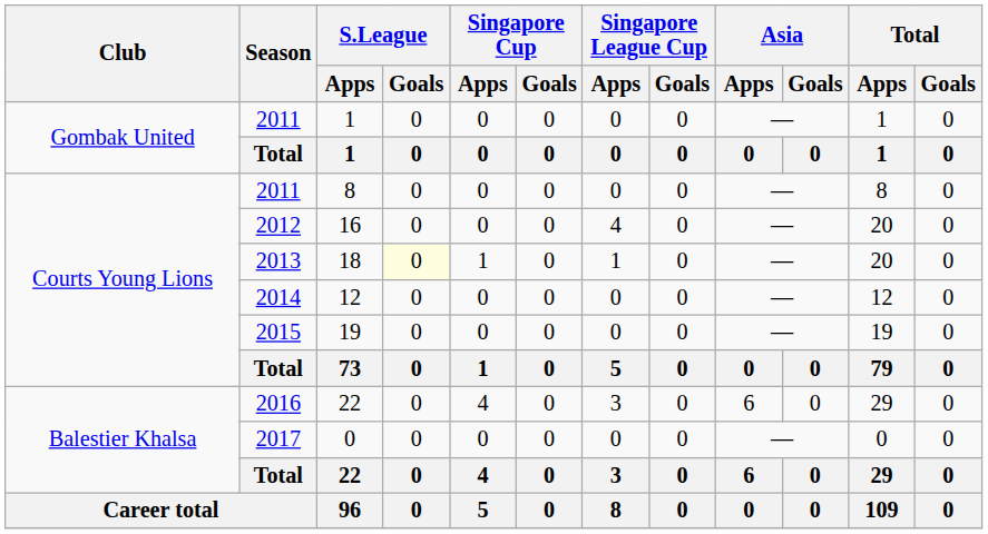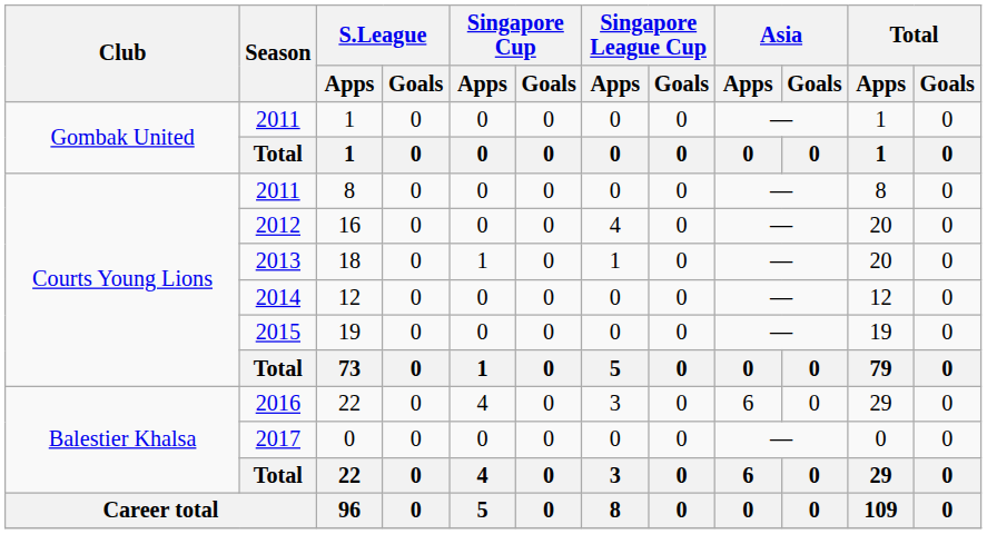 <table class="wikitable" style="text-align:center">
 <tr>
 <th rowspan=2 width=160>Club</th>
 <th rowspan=2>Season</th>
 <th colspan=2><a href='#'>S.League</a></th>
 <th colspan=2><a href='#'>Singapore Cup</a></th>
 <th colspan=2><a href='#'>Singapore<br>League Cup</a></th>
 <th colspan="2"><a href='#'>Asia</a></th>
 <th colspan=2>Total</th>
 </tr>
 <tr>
 <th width=40>Apps</th>
 <th width=40>Goals</th>
 <th width=40>Apps</th>
 <th width=40>Goals</th>
 <th width=40>Apps</th>
 <th width=40>Goals</th>
 <th width=40>Apps</th>
 <th width=40>Goals</th>
 <th width=40>Apps</th>
 <th width=40>Goals</th>
 </tr>
 <tr>
 <td rowspan=2><a href='#'>Gombak United</a></td>
 <td><a href='#'>2011</a></td>
 <td>1</td>
 <td>0</td>
 <td>0</td>
 <td>0</td>
 <td>0</td>
 <td>0</td>
 <td colspan='2'>—</td>
 <td>1</td>
 <td>0</td>
 </tr>
 <tr>
 <th>Total</th>
 <th>1</th>
 <th>0</th>
 <th>0</th>
 <th>0</th>
 <th>0</th>
 <th>0</th>
 <th>0</th>
 <th>0</th>
 <th>1</th>
 <th>0</th>
 </tr>
 <tr>
 <td rowspan=6><a href='#'>Courts Young Lions</a></td>
 <td><a href='#'>2011</a></td>
 <td>8</td>
 <td>0</td>
 <td>0</td>
 <td>0</td>
 <td>0</td>
 <td>0</td>
 <td colspan='2'>—</td>
 <td>8</td>
 <td>0</td>
 </tr>
 <tr>
 <td><a href='#'>2012</a></td>
 <td>16</td>
 <td>0</td>
 <td>0</td>
 <td>0</td>
 <td>4</td>
 <td>0</td>
 <td colspan='2'>—</td>
 <td>20</td>
 <td>0</td>
 </tr>
 <tr>
 <td><a href='#'>2013</a></td>
 <td>18</td>
-<td style="background: lightyellow;">0</td>
+<td>0</td>
 <td>1</td>
 <td>0</td>
 <td>1</td>
 <td>0</td>
 <td colspan='2'>—</td>
 <td>20</td>
 <td>0</td>
 </tr>
 <tr>
 <td><a href='#'>2014</a></td>
 <td>12</td>
 <td>0</td>
 <td>0</td>
 <td>0</td>
 <td>0</td>
 <td>0</td>
 <td colspan='2'>—</td>
 <td>12</td>
 <td>0</td>
 </tr>
 <tr>
 <td><a href='#'>2015</a></td>
 <td>19</td>
 <td>0</td>
 <td>0</td>
 <td>0</td>
 <td>0</td>
 <td>0</td>
 <td colspan='2'>—</td>
 <td>19</td>
 <td>0</td>
 </tr>
 <tr>
 <th>Total</th>
 <th>73</th>
 <th>0</th>
 <th>1</th>
 <th>0</th>
 <th>5</th>
 <th>0</th>
 <th>0</th>
 <th>0</th>
 <th>79</th>
 <th>0</th>
 </tr>
 <tr>
 <td rowspan=3><a href='#'>Balestier Khalsa</a></td>
 <td><a href='#'>2016</a></td>
 <td>22</td>
 <td>0</td>
 <td>4</td>
 <td>0</td>
 <td>3</td>
 <td>0</td>
 <td>6</td>
 <td>0</td>
 <td>29</td>
 <td>0</td>
 </tr>
 <tr>
 <td><a href='#'>2017</a></td>
 <td>0</td>
 <td>0</td>
 <td>0</td>
 <td>0</td>
 <td>0</td>
 <td>0</td>
 <td colspan='2'>—</td>
 <td>0</td>
 <td>0</td>
 </tr>
 <tr>
 <th>Total</th>
 <th>22</th>
 <th>0</th>
 <th>4</th>
 <th>0</th>
 <th>3</th>
 <th>0</th>
 <th>6</th>
 <th>0</th>
 <th>29</th>
 <th>0</th>
 </tr>
 <tr>
 <th colspan=2>Career total</th>
 <th>96</th>
 <th>0</th>
 <th>5</th>
 <th>0</th>
 <th>8</th>
 <th>0</th>
 <th>0</th>
 <th>0</th>
 <th>109</th>
 <th>0</th>
 </tr>
 <tr>
 </tr>
 </table>
